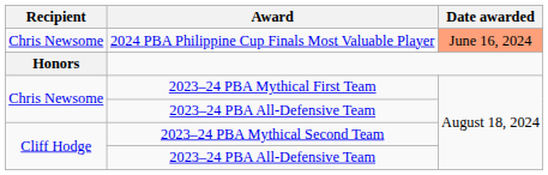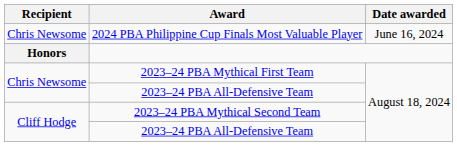 <table class="wikitable sortable sortable" style="text-align: center">
 <tr>
 <th>Recipient</th>
 <th>Award</th>
 <th>Date awarded</th>
 </tr>
 <tr>
 <td><a href='#'>Chris Newsome</a></td>
 <td><a href='#'>2024 PBA Philippine Cup Finals Most Valuable Player</a></td>
-<td style="background: lightsalmon;">June 16, 2024</td>
+<td>June 16, 2024</td>
 </tr>
 <tr>
 <th>Honors</th>
 </tr>
 <tr>
 <td rowspan=2><a href='#'>Chris Newsome</a></td>
 <td><a href='#'>2023–24 PBA Mythical First Team</a></td>
 <td rowspan=4>August 18, 2024</td>
 </tr>
 <tr>
 <td><a href='#'>2023–24 PBA All-Defensive Team</a></td>
 </tr>
 <tr>
 <td rowspan=2><a href='#'>Cliff Hodge</a></td>
 <td><a href='#'>2023–24 PBA Mythical Second Team</a></td>
 </tr>
 <tr>
 <td><a href='#'>2023–24 PBA All-Defensive Team</a></td>
 </tr>
 </table>
